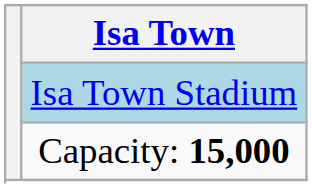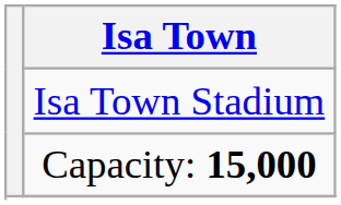 <table class="wikitable" style="text-align:center">
 <tr>
 <th rowspan="4"></th>
 <th><a href='#'>Isa Town</a></th>
 </tr>
 <tr>
-<td style="background: lightblue;"><a href='#'>Isa Town Stadium</a></td>
+<td><a href='#'>Isa Town Stadium</a></td>
 </tr>
 <tr>
 <td>Capacity: <strong>15,000</strong></td>
 </tr>
 <tr>
 </tr>
 </table>
